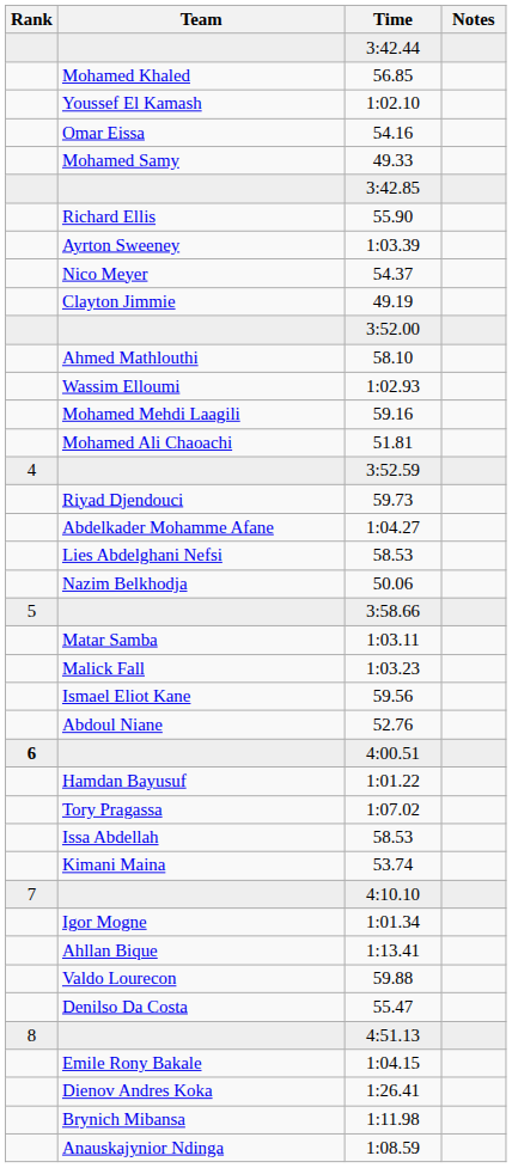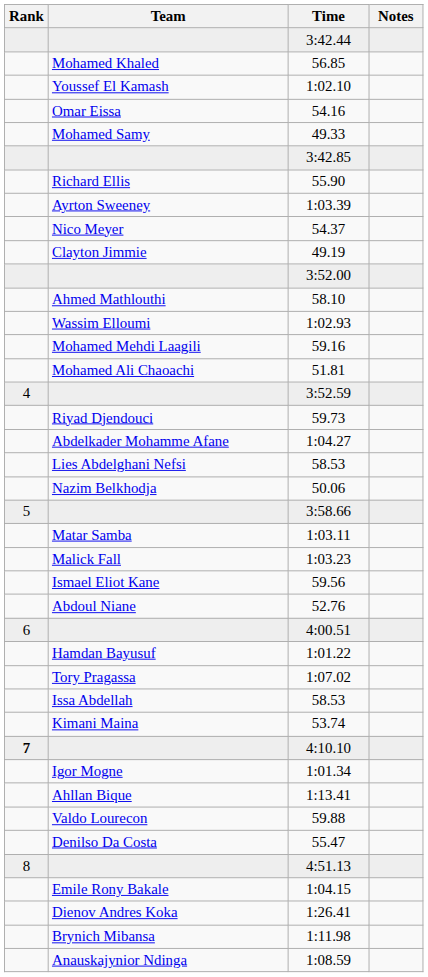 <table class="wikitable" style="text-align:center">
 <tr>
 <th width=40>Rank</th>
 <th width=250>Team</th>
 <th width=80>Time</th>
 <th width=50>Notes</th>
 </tr>
 <tr bgcolor=eeeeee>
 <td></td>
 <td align=left></td>
 <td>3:42.44</td>
 <td></td>
 </tr>
 <tr>
 <td></td>
 <td align=left><a href='#'>Mohamed Khaled</a></td>
 <td>56.85</td>
 <td></td>
 </tr>
 <tr>
 <td></td>
 <td align=left><a href='#'>Youssef El Kamash</a></td>
 <td>1:02.10</td>
 <td></td>
 </tr>
 <tr>
 <td></td>
 <td align=left><a href='#'>Omar Eissa</a></td>
 <td>54.16</td>
 <td></td>
 </tr>
 <tr>
 <td></td>
 <td align=left><a href='#'>Mohamed Samy</a></td>
 <td>49.33</td>
 <td></td>
 </tr>
 <tr bgcolor=eeeeee>
 <td></td>
 <td align=left></td>
 <td>3:42.85</td>
 <td></td>
 </tr>
 <tr>
 <td></td>
 <td align=left><a href='#'>Richard Ellis</a></td>
 <td>55.90</td>
 <td></td>
 </tr>
 <tr>
 <td></td>
 <td align=left><a href='#'>Ayrton Sweeney</a></td>
 <td>1:03.39</td>
 <td></td>
 </tr>
 <tr>
 <td></td>
 <td align=left><a href='#'>Nico Meyer</a></td>
 <td>54.37</td>
 <td></td>
 </tr>
 <tr>
 <td></td>
 <td align=left><a href='#'>Clayton Jimmie</a></td>
 <td>49.19</td>
 <td></td>
 </tr>
 <tr bgcolor=eeeeee>
 <td></td>
 <td align=left></td>
 <td>3:52.00</td>
 <td></td>
 </tr>
 <tr>
 <td></td>
 <td align=left><a href='#'>Ahmed Mathlouthi</a></td>
 <td>58.10</td>
 <td></td>
 </tr>
 <tr>
 <td></td>
 <td align=left><a href='#'>Wassim Elloumi</a></td>
 <td>1:02.93</td>
 <td></td>
 </tr>
 <tr>
 <td></td>
 <td align=left><a href='#'>Mohamed Mehdi Laagili</a></td>
 <td>59.16</td>
 <td></td>
 </tr>
 <tr>
 <td></td>
 <td align=left><a href='#'>Mohamed Ali Chaoachi</a></td>
 <td>51.81</td>
 <td></td>
 </tr>
 <tr bgcolor=eeeeee>
 <td>4</td>
 <td align=left></td>
 <td>3:52.59</td>
 <td></td>
 </tr>
 <tr>
 <td></td>
 <td align=left><a href='#'>Riyad Djendouci</a></td>
 <td>59.73</td>
 <td></td>
 </tr>
 <tr>
 <td></td>
 <td align=left><a href='#'>Abdelkader Mohamme Afane</a></td>
 <td>1:04.27</td>
 <td></td>
 </tr>
 <tr>
 <td></td>
 <td align=left><a href='#'>Lies Abdelghani Nefsi</a></td>
 <td>58.53</td>
 <td></td>
 </tr>
 <tr>
 <td></td>
 <td align=left><a href='#'>Nazim Belkhodja</a></td>
 <td>50.06</td>
 <td></td>
 </tr>
 <tr bgcolor=eeeeee>
 <td>5</td>
 <td align=left></td>
 <td>3:58.66</td>
 <td></td>
 </tr>
 <tr>
 <td></td>
 <td align=left><a href='#'>Matar Samba</a></td>
 <td>1:03.11</td>
 <td></td>
 </tr>
 <tr>
 <td></td>
 <td align=left><a href='#'>Malick Fall</a></td>
 <td>1:03.23</td>
 <td></td>
 </tr>
 <tr>
 <td></td>
 <td align=left><a href='#'>Ismael Eliot Kane</a></td>
 <td>59.56</td>
 <td></td>
 </tr>
 <tr>
 <td></td>
 <td align=left><a href='#'>Abdoul Niane</a></td>
 <td>52.76</td>
 <td></td>
 </tr>
 <tr bgcolor=eeeeee>
-<td><strong>6</strong></td>
+<td>6</td>
 <td align=left></td>
 <td>4:00.51</td>
 <td></td>
 </tr>
 <tr>
 <td></td>
 <td align=left><a href='#'>Hamdan Bayusuf</a></td>
 <td>1:01.22</td>
 <td></td>
 </tr>
 <tr>
 <td></td>
 <td align=left><a href='#'>Tory Pragassa</a></td>
 <td>1:07.02</td>
 <td></td>
 </tr>
 <tr>
 <td></td>
 <td align=left><a href='#'>Issa Abdellah</a></td>
 <td>58.53</td>
 <td></td>
 </tr>
 <tr>
 <td></td>
 <td align=left><a href='#'>Kimani Maina</a></td>
 <td>53.74</td>
 <td></td>
 </tr>
 <tr bgcolor=eeeeee>
-<td>7</td>
+<td><strong>7</strong></td>
 <td align=left></td>
 <td>4:10.10</td>
 <td></td>
 </tr>
 <tr>
 <td></td>
 <td align=left><a href='#'>Igor Mogne</a></td>
 <td>1:01.34</td>
 <td></td>
 </tr>
 <tr>
 <td></td>
 <td align=left><a href='#'>Ahllan Bique</a></td>
 <td>1:13.41</td>
 <td></td>
 </tr>
 <tr>
 <td></td>
 <td align=left><a href='#'>Valdo Lourecon</a></td>
 <td>59.88</td>
 <td></td>
 </tr>
 <tr>
 <td></td>
 <td align=left><a href='#'>Denilso Da Costa</a></td>
 <td>55.47</td>
 <td></td>
 </tr>
 <tr bgcolor=eeeeee>
 <td>8</td>
 <td align=left></td>
 <td>4:51.13</td>
 <td></td>
 </tr>
 <tr>
 <td></td>
 <td align=left><a href='#'>Emile Rony Bakale</a></td>
 <td>1:04.15</td>
 <td></td>
 </tr>
 <tr>
 <td></td>
 <td align=left><a href='#'>Dienov Andres Koka</a></td>
 <td>1:26.41</td>
 <td></td>
 </tr>
 <tr>
 <td></td>
 <td align=left><a href='#'>Brynich Mibansa</a></td>
 <td>1:11.98</td>
 <td></td>
 </tr>
 <tr>
 <td></td>
 <td align=left><a href='#'>Anauskajynior Ndinga</a></td>
 <td>1:08.59</td>
 <td></td>
 </tr>
 </table>
